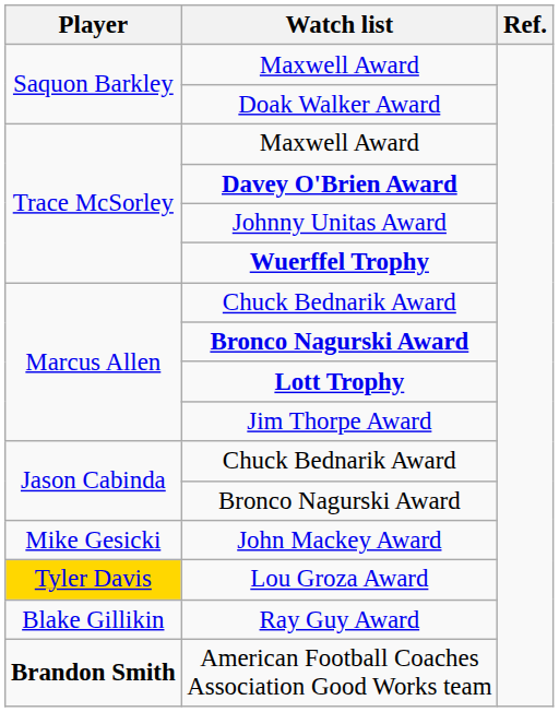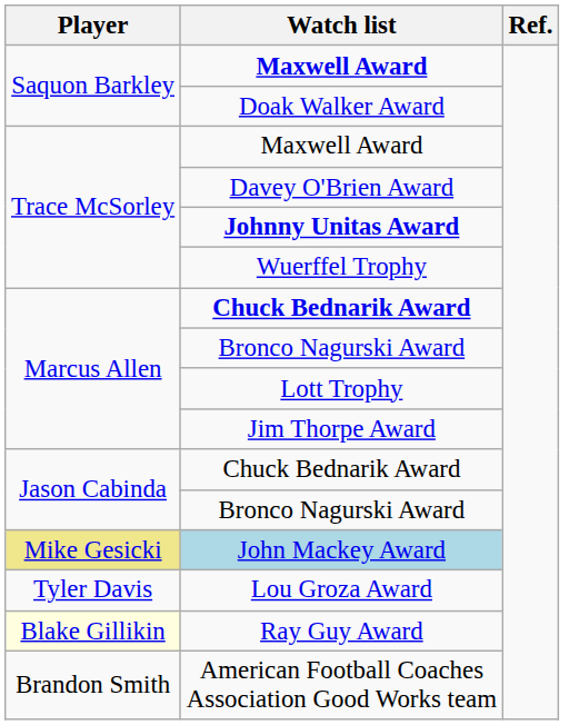 <table class="wikitable sortable sortable" style="text-align: center">
 <tr align=center>
 <th>Player</th>
 <th>Watch list</th>
 <th>Ref.</th>
 </tr>
 <tr>
 <td rowspan=2><a href='#'>Saquon Barkley</a></td>
-<td><a href='#'>Maxwell Award</a></td>
+<td><strong><a href='#'>Maxwell Award</a></strong></td>
 <td rowspan=16></td>
 </tr>
 <tr>
 <td><a href='#'>Doak Walker Award</a></td>
 </tr>
 <tr>
 <td rowspan=4><a href='#'>Trace McSorley</a></td>
 <td>Maxwell Award</td>
 </tr>
 <tr>
-<td><strong><a href='#'>Davey O'Brien Award</a></strong></td>
+<td><a href='#'>Davey O'Brien Award</a></td>
 </tr>
 <tr>
-<td><a href='#'>Johnny Unitas Award</a></td>
+<td><strong><a href='#'>Johnny Unitas Award</a></strong></td>
 </tr>
 <tr>
-<td><strong><a href='#'>Wuerffel Trophy</a></strong></td>
+<td><a href='#'>Wuerffel Trophy</a></td>
 </tr>
 <tr>
 <td rowspan=4><a href='#'>Marcus Allen</a></td>
-<td><a href='#'>Chuck Bednarik Award</a></td>
+<td><strong><a href='#'>Chuck Bednarik Award</a></strong></td>
 </tr>
 <tr>
-<td><strong><a href='#'>Bronco Nagurski Award</a></strong></td>
+<td><a href='#'>Bronco Nagurski Award</a></td>
 </tr>
 <tr>
-<td><strong><a href='#'>Lott Trophy</a></strong></td>
+<td><a href='#'>Lott Trophy</a></td>
 </tr>
 <tr>
 <td><a href='#'>Jim Thorpe Award</a></td>
 </tr>
 <tr>
 <td rowspan=2><a href='#'>Jason Cabinda</a></td>
 <td>Chuck Bednarik Award</td>
 </tr>
 <tr>
 <td>Bronco Nagurski Award</td>
 </tr>
 <tr>
-<td><a href='#'>Mike Gesicki</a></td>
-<td><a href='#'>John Mackey Award</a></td>
+<td style="background: khaki;"><a href='#'>Mike Gesicki</a></td>
+<td style="background: lightblue;"><a href='#'>John Mackey Award</a></td>
 </tr>
 <tr>
-<td style="background: gold;"><a href='#'>Tyler Davis</a></td>
+<td><a href='#'>Tyler Davis</a></td>
 <td><a href='#'>Lou Groza Award</a></td>
 </tr>
 <tr>
-<td><a href='#'>Blake Gillikin</a></td>
+<td style="background: lightyellow;"><a href='#'>Blake Gillikin</a></td>
 <td><a href='#'>Ray Guy Award</a></td>
 </tr>
 <tr>
-<td><strong>Brandon Smith</strong></td>
+<td>Brandon Smith</td>
 <td>American Football Coaches <br>Association Good Works team</td>
 </tr>
 </table>
